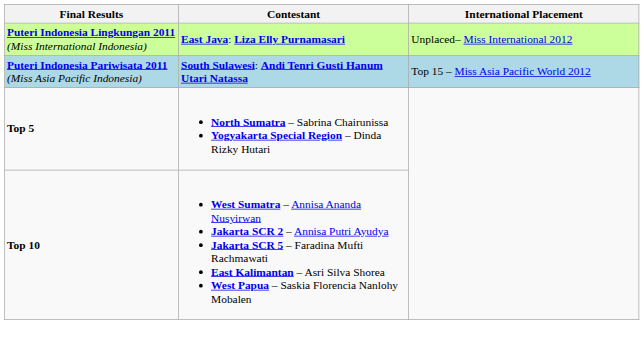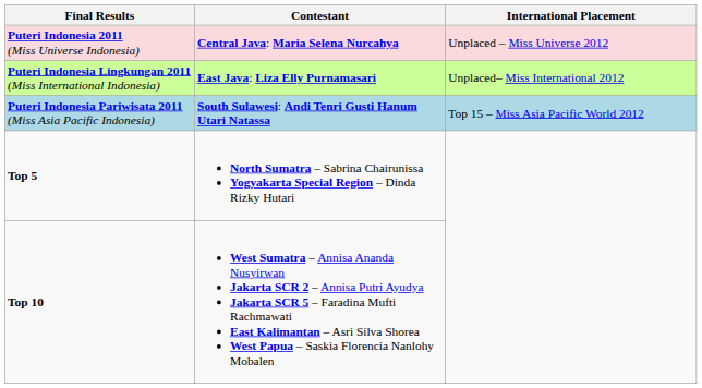 <table class="wikitable sortable" style="font-size:95%;">
 <tr>
 <th width="225">Final Results</th>
 <th width="300">Contestant</th>
 <th width="300">International Placement</th>
+</tr>
+<tr>
+<td style="background:#fadadd;"><strong><a href='#'>Puteri Indonesia 2011</a></strong><br><em>(Miss Universe Indonesia)</em></td>
+<td style="background:#fadadd;"> <strong><a href='#'>Central Java</a></strong>: <strong><a href='#'>Maria Selena Nurcahya</a></strong></td>
+<td style="background:#fadadd;">Unplaced – <a href='#'>Miss Universe 2012</a></td>
 </tr>
 <tr>
 <td style="background:#ccff99;"><strong> <a href='#'>Puteri Indonesia Lingkungan 2011</a></strong><br><em>(Miss International Indonesia)</em></td>
 <td style="background:#ccff99;"> <strong><a href='#'>East Java</a></strong>: <strong><a href='#'>Liza Elly Purnamasari</a></strong></td>
 <td style="background:#ccff99;">Unplaced– <a href='#'>Miss International 2012</a></td>
 </tr>
 <tr>
 <td style="background:#ADD8E6;"><strong><a href='#'>Puteri Indonesia Pariwisata 2011</a></strong><br><em>(Miss Asia Pacific Indonesia)</em></td>
 <td style="background:#ADD8E6;"> <strong><a href='#'>South Sulawesi</a></strong>: <strong><a href='#'>Andi Tenri Gusti Hanum Utari Natassa</a></strong></td>
 <td style="background:#ADD8E6;">Top 15 – <a href='#'>Miss Asia Pacific World 2012</a></td>
 </tr>
 <tr>
 <td><strong>Top 5</strong></td>
 <td><br><ul><li> <strong><a href='#'>North Sumatra</a></strong> – Sabrina Chairunissa</li><li> <strong><a href='#'>Yogyakarta Special Region</a></strong> – Dinda Rizky Hutari</li></ul></td>
 </tr>
 <tr>
 <td><strong>Top 10</strong></td>
 <td><br><ul><li> <strong><a href='#'>West Sumatra</a></strong> – <a href='#'>Annisa Ananda Nusyirwan</a></li><li> <strong><a href='#'>Jakarta SCR 2</a></strong> – <a href='#'>Annisa Putri Ayudya</a></li><li> <strong><a href='#'>Jakarta SCR 5</a></strong> – Faradina Mufti Rachmawati</li><li>  <strong><a href='#'>East Kalimantan</a></strong> – Asri Silva Shorea</li><li> <strong><a href='#'>West Papua</a></strong> – Saskia Florencia Nanlohy Mobalen</li></ul></td>
 </tr>
 </table>
